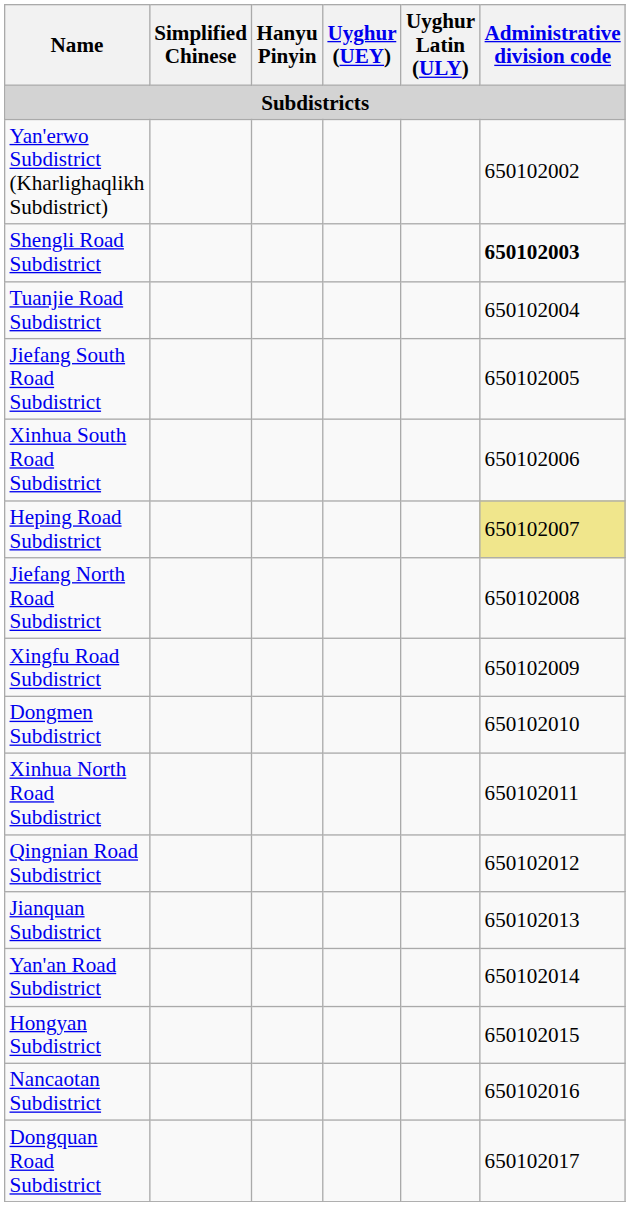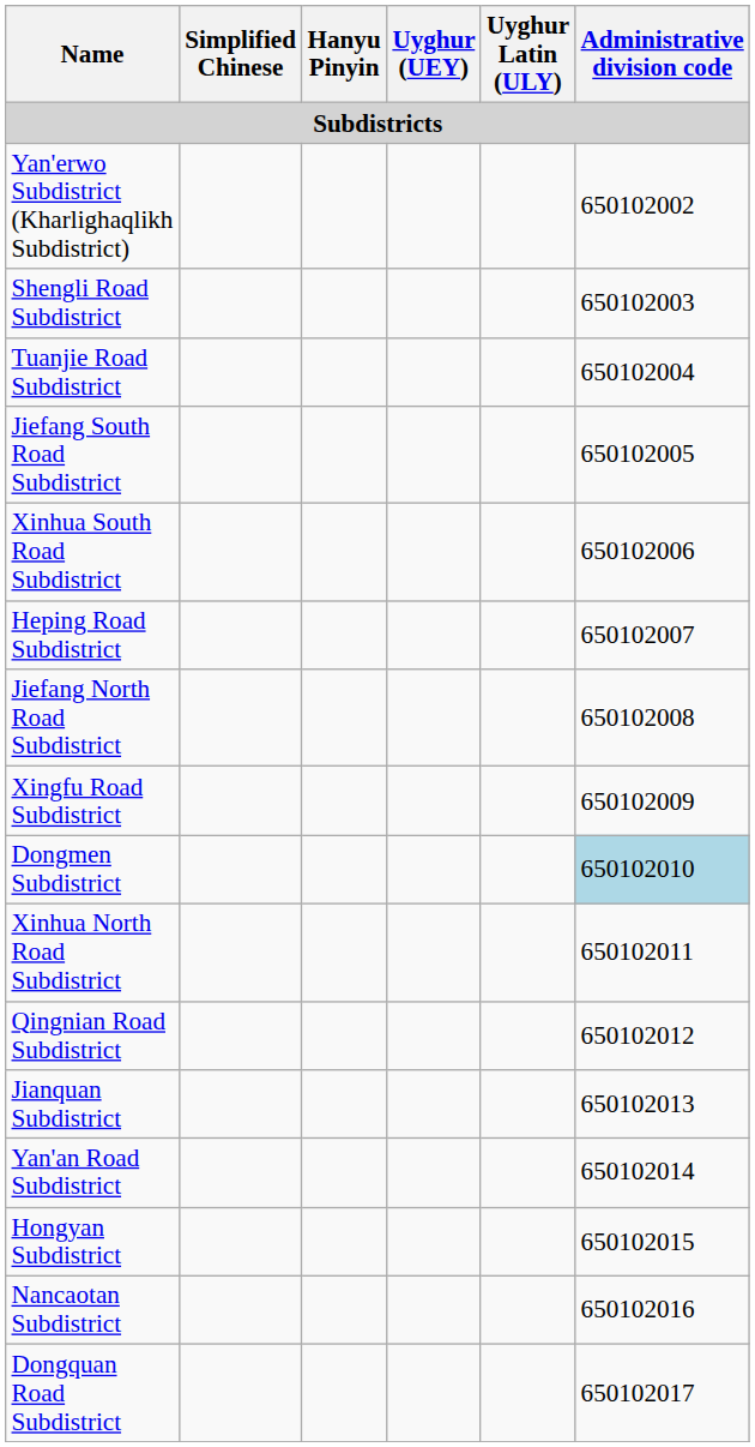 <table class="wikitable" align="center" style="width:50%; border="1">
 <tr>
 <th>Name</th>
 <th>Simplified Chinese</th>
 <th>Hanyu Pinyin</th>
 <th><a href='#'>Uyghur</a> (<a href='#'>UEY</a>)</th>
 <th>Uyghur Latin (<a href='#'>ULY</a>)</th>
 <th><a href='#'>Administrative division code</a></th>
 </tr>
 <tr>
 <td colspan="7"  style="text-align:center; background:#d3d3d3;"><strong>Subdistricts</strong></td>
 </tr>
 <tr --------->
 <td><a href='#'>Yan'erwo Subdistrict</a><br>(Kharlighaqlikh Subdistrict)</td>
 <td></td>
 <td></td>
 <td></td>
 <td></td>
 <td>650102002</td>
 </tr>
 <tr>
 <td><a href='#'>Shengli Road Subdistrict</a></td>
 <td></td>
 <td></td>
 <td></td>
 <td></td>
-<td><strong>650102003</strong></td>
+<td>650102003</td>
 </tr>
 <tr>
 <td><a href='#'>Tuanjie Road Subdistrict</a></td>
 <td></td>
 <td></td>
 <td></td>
 <td></td>
 <td>650102004</td>
 </tr>
 <tr>
 <td><a href='#'>Jiefang South Road Subdistrict</a></td>
 <td></td>
 <td></td>
 <td></td>
 <td></td>
 <td>650102005</td>
 </tr>
 <tr>
 <td><a href='#'>Xinhua South Road Subdistrict</a></td>
 <td></td>
 <td></td>
 <td></td>
 <td></td>
 <td>650102006</td>
 </tr>
 <tr>
 <td><a href='#'>Heping Road Subdistrict</a></td>
 <td></td>
 <td></td>
 <td></td>
 <td></td>
-<td style="background: khaki;">650102007</td>
+<td>650102007</td>
 </tr>
 <tr>
 <td><a href='#'>Jiefang North Road Subdistrict</a></td>
 <td></td>
 <td></td>
 <td></td>
 <td></td>
 <td>650102008</td>
 </tr>
 <tr>
 <td><a href='#'>Xingfu Road Subdistrict</a></td>
 <td></td>
 <td></td>
 <td></td>
 <td></td>
 <td>650102009</td>
 </tr>
 <tr>
 <td><a href='#'>Dongmen Subdistrict</a></td>
 <td></td>
 <td></td>
 <td></td>
 <td></td>
-<td>650102010</td>
+<td style="background: lightblue;">650102010</td>
 </tr>
 <tr>
 <td><a href='#'>Xinhua North Road Subdistrict</a></td>
 <td></td>
 <td></td>
 <td></td>
 <td></td>
 <td>650102011</td>
 </tr>
 <tr>
 <td><a href='#'>Qingnian Road Subdistrict</a></td>
 <td></td>
 <td></td>
 <td></td>
 <td></td>
 <td>650102012</td>
 </tr>
 <tr>
 <td><a href='#'>Jianquan Subdistrict</a></td>
 <td></td>
 <td></td>
 <td></td>
 <td></td>
 <td>650102013</td>
 </tr>
 <tr>
 <td><a href='#'>Yan'an Road Subdistrict</a></td>
 <td></td>
 <td></td>
 <td></td>
 <td></td>
 <td>650102014</td>
 </tr>
 <tr>
 <td><a href='#'>Hongyan Subdistrict</a></td>
 <td></td>
 <td></td>
 <td></td>
 <td></td>
 <td>650102015</td>
 </tr>
 <tr>
 <td><a href='#'>Nancaotan Subdistrict</a></td>
 <td></td>
 <td></td>
 <td></td>
 <td></td>
 <td>650102016</td>
 </tr>
 <tr>
 <td><a href='#'>Dongquan Road Subdistrict</a></td>
 <td></td>
 <td></td>
 <td></td>
 <td></td>
 <td>650102017</td>
 </tr>
 <tr>
 </tr>
 </table>
